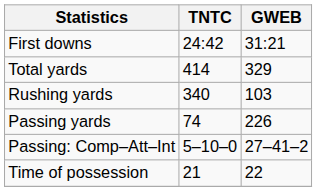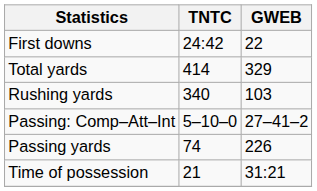 <table class="wikitable" style="float: left;">
 <tr>
 <th>Statistics</th>
 <th>TNTC</th>
 <th>GWEB</th>
 </tr>
 <tr>
 <td>First downs</td>
 <td>24:42</td>
-<td>31:21</td>
+<td>22</td>
 </tr>
 <tr>
 <td>Total yards</td>
 <td>414</td>
 <td>329</td>
 </tr>
 <tr>
 <td>Rushing yards</td>
 <td>340</td>
 <td>103</td>
 </tr>
 <tr>
+<td>Passing: Comp–Att–Int</td>
+<td>5–10–0</td>
+<td>27–41–2</td>
+</tr>
+<tr>
 <td>Passing yards</td>
 <td>74</td>
 <td>226</td>
 </tr>
 <tr>
-<td>Passing: Comp–Att–Int</td>
-<td>5–10–0</td>
-<td>27–41–2</td>
-</tr>
-<tr>
 <td>Time of possession</td>
 <td>21</td>
-<td>22</td>
+<td>31:21</td>
 </tr>
 <tr>
 </tr>
 </table>
